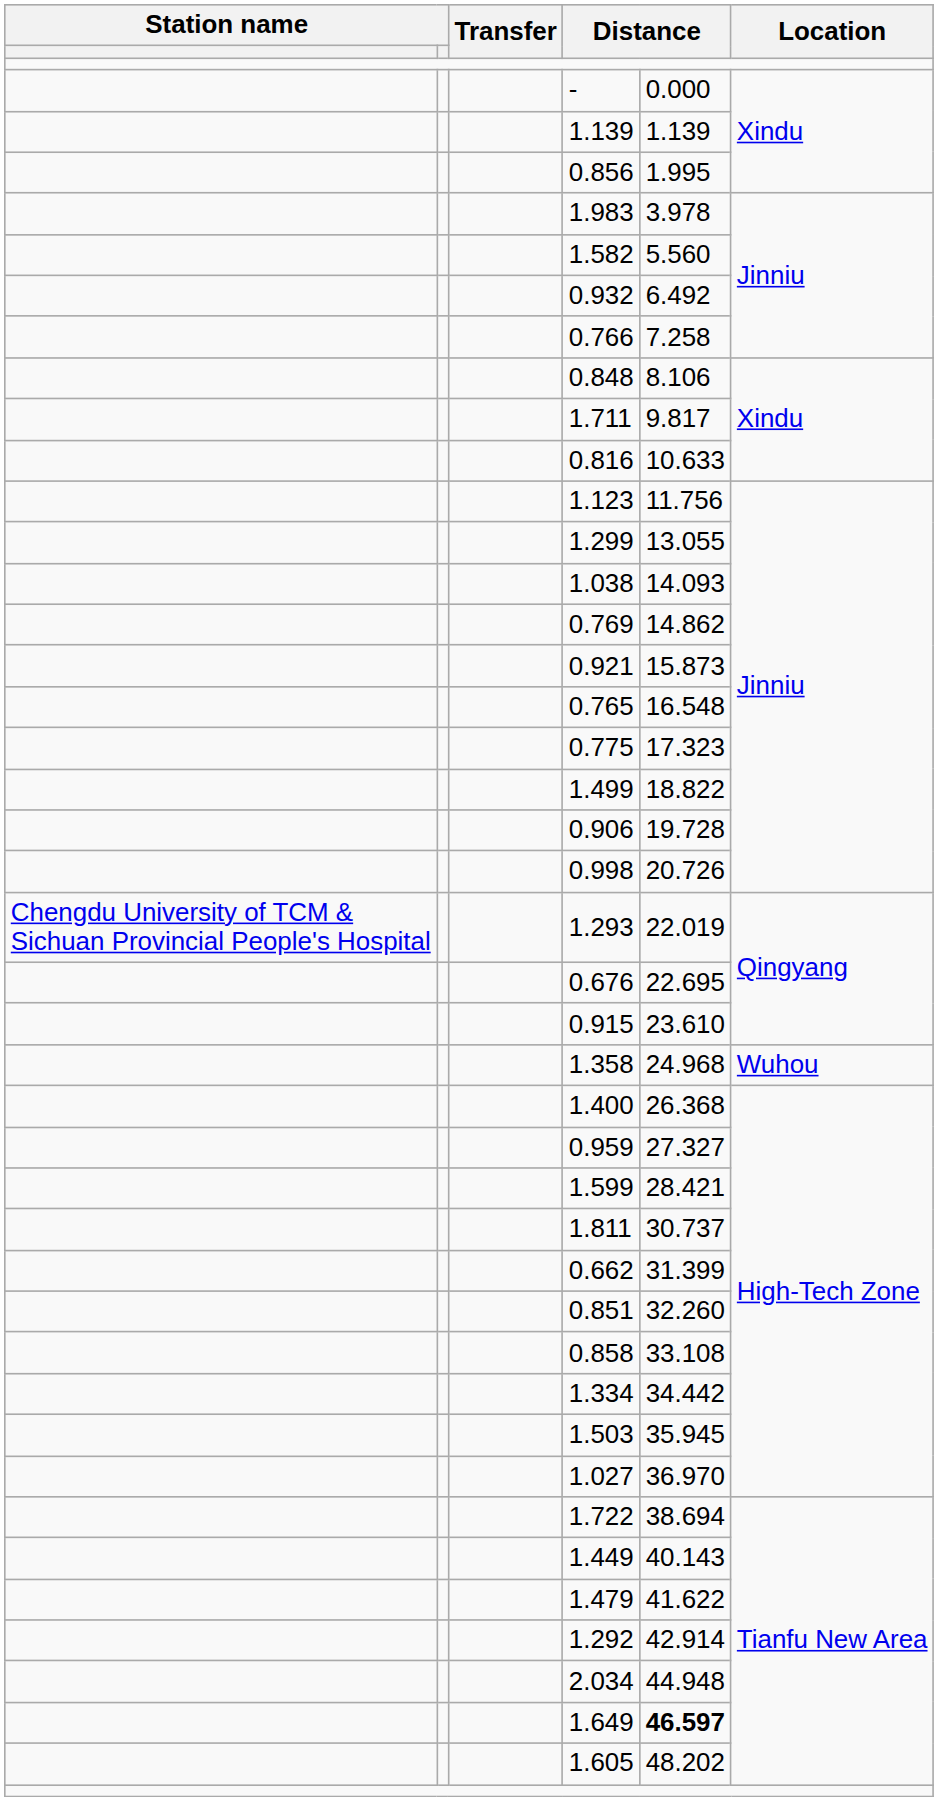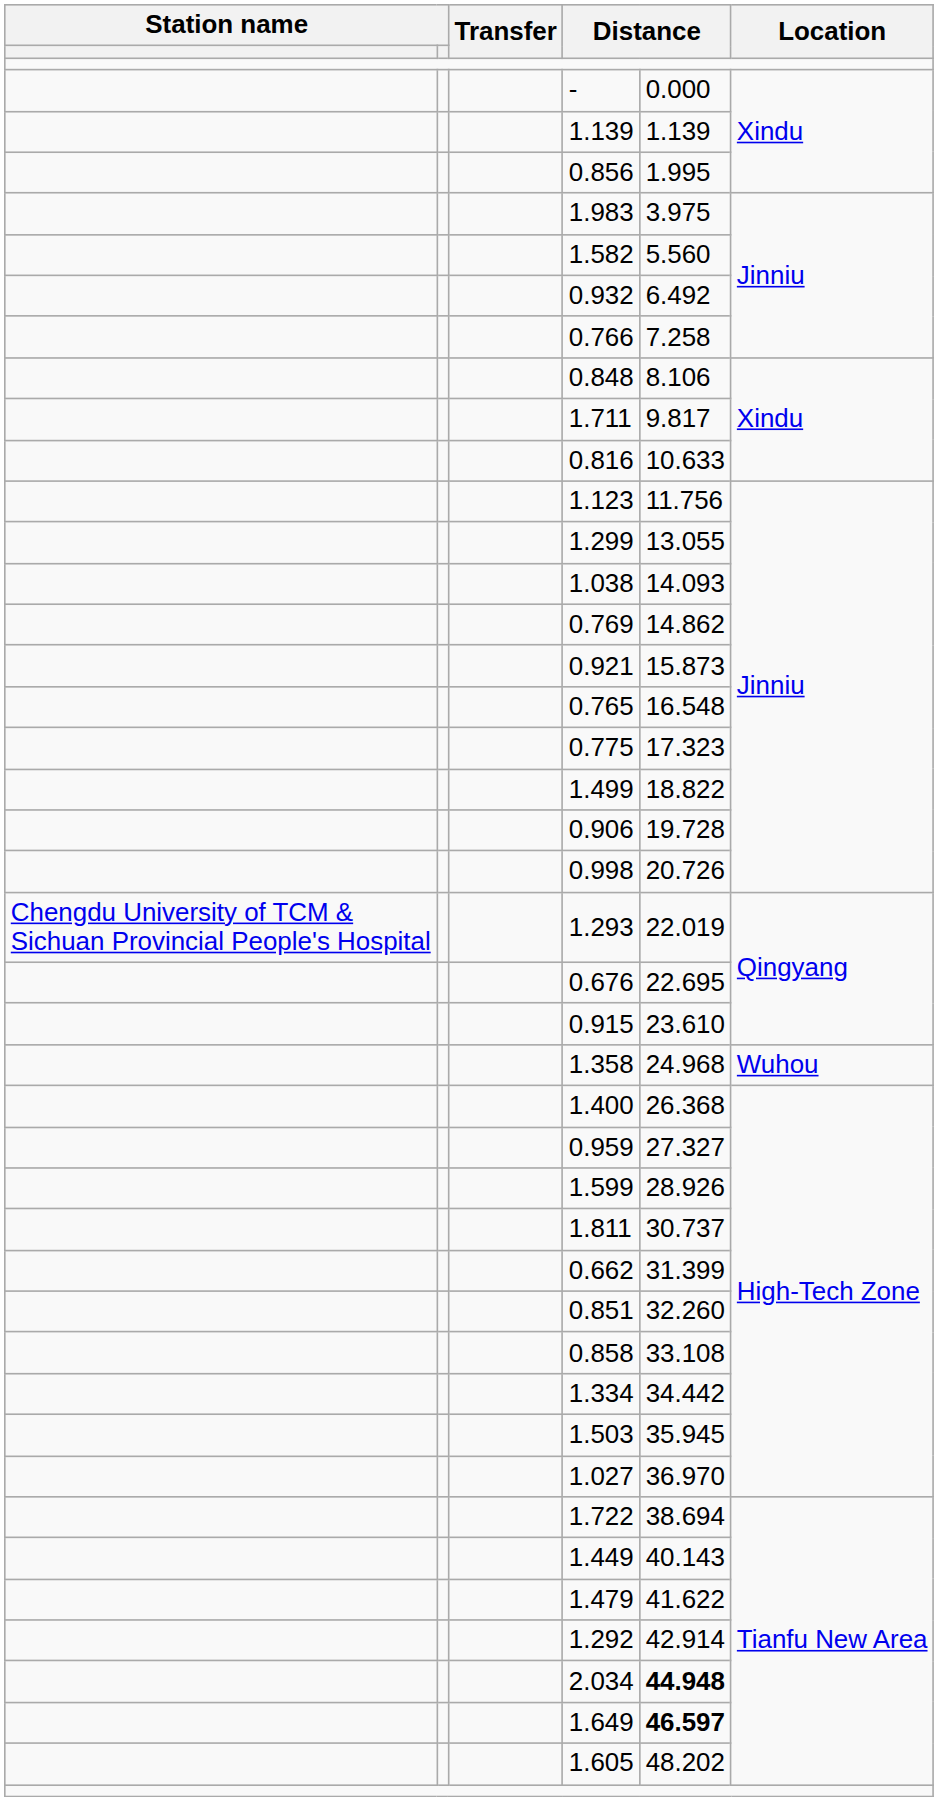 <table class="wikitable">
 <tr>
 <th colspan=2>Station name</th>
 <th rowspan=2>Transfer</th>
 <th colspan="2" rowspan="2">Distance<br></th>
 <th rowspan=2>Location</th>
 </tr>
 <tr>
 <th></th>
 <th></th>
 </tr>
 <tr style="background:#">
 <td colspan = "8"></td>
 </tr>
 <tr>
 <td></td>
 <td></td>
 <td></td>
 <td>-</td>
 <td>0.000</td>
 <td rowspan="3"><a href='#'>Xindu</a></td>
 </tr>
 <tr>
 <td></td>
 <td></td>
 <td></td>
 <td>1.139</td>
 <td>1.139</td>
 </tr>
 <tr>
 <td></td>
 <td></td>
 <td></td>
 <td>0.856</td>
 <td>1.995</td>
 </tr>
 <tr>
 <td></td>
 <td></td>
 <td></td>
 <td>1.983</td>
-<td>3.978</td>
+<td>3.975</td>
 <td rowspan="4"><a href='#'>Jinniu</a></td>
 </tr>
 <tr>
 <td></td>
 <td></td>
 <td></td>
 <td>1.582</td>
 <td>5.560</td>
 </tr>
 <tr>
 <td></td>
 <td></td>
 <td></td>
 <td>0.932</td>
 <td>6.492</td>
 </tr>
 <tr>
 <td></td>
 <td></td>
 <td></td>
 <td>0.766</td>
 <td>7.258</td>
 </tr>
 <tr>
 <td></td>
 <td></td>
 <td></td>
 <td>0.848</td>
 <td>8.106</td>
 <td rowspan="3"><a href='#'>Xindu</a></td>
 </tr>
 <tr>
 <td></td>
 <td></td>
 <td></td>
 <td>1.711</td>
 <td>9.817</td>
 </tr>
 <tr>
 <td></td>
 <td></td>
 <td></td>
 <td>0.816</td>
 <td>10.633</td>
 </tr>
 <tr>
 <td></td>
 <td></td>
 <td></td>
 <td>1.123</td>
 <td>11.756</td>
 <td rowspan="10"><a href='#'>Jinniu</a></td>
 </tr>
 <tr>
 <td></td>
 <td></td>
 <td></td>
 <td>1.299</td>
 <td>13.055</td>
 </tr>
 <tr>
 <td></td>
 <td></td>
 <td></td>
 <td>1.038</td>
 <td>14.093</td>
 </tr>
 <tr>
 <td></td>
 <td></td>
 <td></td>
 <td>0.769</td>
 <td>14.862</td>
 </tr>
 <tr>
 <td></td>
 <td></td>
 <td></td>
 <td>0.921</td>
 <td>15.873</td>
 </tr>
 <tr>
 <td></td>
 <td></td>
 <td></td>
 <td>0.765</td>
 <td>16.548</td>
 </tr>
 <tr>
 <td></td>
 <td></td>
 <td></td>
 <td>0.775</td>
 <td>17.323</td>
 </tr>
 <tr>
 <td></td>
 <td></td>
 <td></td>
 <td>1.499</td>
 <td>18.822</td>
 </tr>
 <tr>
 <td></td>
 <td></td>
 <td></td>
 <td>0.906</td>
 <td>19.728</td>
 </tr>
 <tr>
 <td></td>
 <td></td>
 <td></td>
 <td>0.998</td>
 <td>20.726</td>
 </tr>
 <tr>
 <td><a href='#'>Chengdu University of TCM &<br>Sichuan Provincial People's Hospital</a></td>
 <td></td>
 <td> </td>
 <td>1.293</td>
 <td>22.019</td>
 <td rowspan="3"><a href='#'>Qingyang</a></td>
 </tr>
 <tr>
 <td></td>
 <td></td>
 <td></td>
 <td>0.676</td>
 <td>22.695</td>
 </tr>
 <tr>
 <td></td>
 <td></td>
 <td></td>
 <td>0.915</td>
 <td>23.610</td>
 </tr>
 <tr>
 <td></td>
 <td></td>
 <td></td>
 <td>1.358</td>
 <td>24.968</td>
 <td><a href='#'>Wuhou</a></td>
 </tr>
 <tr>
 <td></td>
 <td></td>
 <td></td>
 <td>1.400</td>
 <td>26.368</td>
 <td rowspan="10"><a href='#'>High-Tech Zone</a></td>
 </tr>
 <tr>
 <td></td>
 <td></td>
 <td></td>
 <td>0.959</td>
 <td>27.327</td>
 </tr>
 <tr>
 <td></td>
 <td></td>
 <td></td>
 <td>1.599</td>
-<td>28.421</td>
+<td>28.926</td>
 </tr>
 <tr>
 <td></td>
 <td></td>
 <td></td>
 <td>1.811</td>
 <td>30.737</td>
 </tr>
 <tr>
 <td></td>
 <td></td>
 <td></td>
 <td>0.662</td>
 <td>31.399</td>
 </tr>
 <tr>
 <td></td>
 <td></td>
 <td></td>
 <td>0.851</td>
 <td>32.260</td>
 </tr>
 <tr>
 <td></td>
 <td></td>
 <td></td>
 <td>0.858</td>
 <td>33.108</td>
 </tr>
 <tr>
 <td></td>
 <td></td>
 <td></td>
 <td>1.334</td>
 <td>34.442</td>
 </tr>
 <tr>
 <td></td>
 <td></td>
 <td></td>
 <td>1.503</td>
 <td>35.945</td>
 </tr>
 <tr>
 <td></td>
 <td></td>
 <td></td>
 <td>1.027</td>
 <td>36.970</td>
 </tr>
 <tr>
 <td></td>
 <td></td>
 <td></td>
 <td>1.722</td>
 <td>38.694</td>
 <td rowspan="7"><a href='#'>Tianfu New Area</a></td>
 </tr>
 <tr>
 <td></td>
 <td></td>
 <td></td>
 <td>1.449</td>
 <td>40.143</td>
 </tr>
 <tr>
 <td></td>
 <td></td>
 <td></td>
 <td>1.479</td>
 <td>41.622</td>
 </tr>
 <tr>
 <td></td>
 <td></td>
 <td></td>
 <td>1.292</td>
 <td>42.914</td>
 </tr>
 <tr>
 <td></td>
 <td></td>
 <td></td>
 <td>2.034</td>
-<td>44.948</td>
+<td><strong>44.948</strong></td>
 </tr>
 <tr>
 <td></td>
 <td></td>
 <td></td>
 <td>1.649</td>
 <td><strong>46.597</strong></td>
 </tr>
 <tr>
 <td></td>
 <td></td>
 <td></td>
 <td>1.605</td>
 <td>48.202</td>
 </tr>
 <tr style="background:#">
 <td colspan = "8"></td>
 </tr>
 </table>
